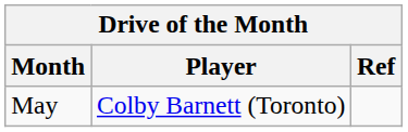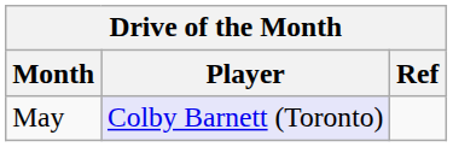 <table class="wikitable mw-collapsible">
 <tr>
 <th colspan="3">Drive of the Month</th>
 </tr>
 <tr>
 <th>Month</th>
 <th>Player</th>
 <th>Ref</th>
 </tr>
 <tr>
 <td>May</td>
-<td> <a href='#'>Colby Barnett</a> (Toronto)</td>
+<td style="background: lavender;"> <a href='#'>Colby Barnett</a> (Toronto)</td>
 <td></td>
 </tr>
 </table>
